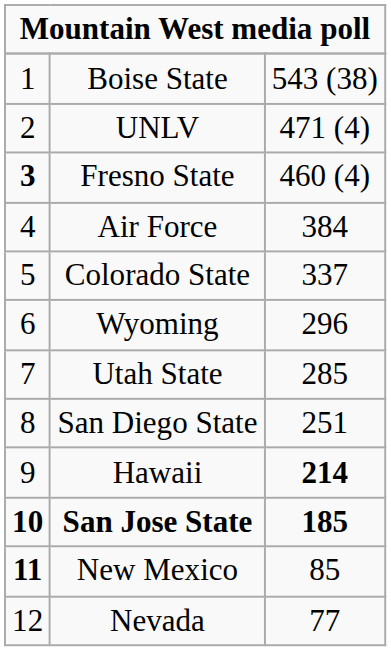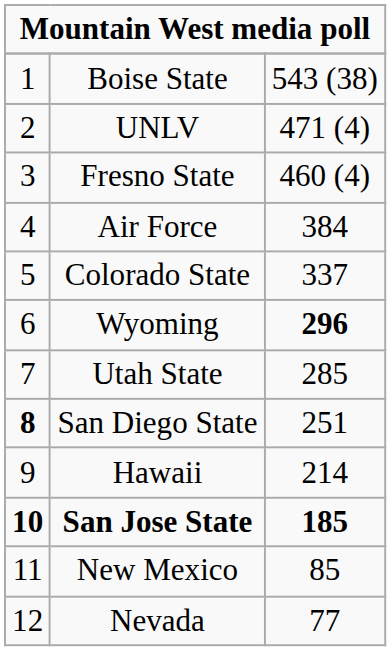 <table class="wikitable" style="display: inline-table;">
 <tr>
 <td align="center" Colspan="3"><strong>Mountain West media poll</strong></td>
 </tr>
 <tr align="center">
 </tr>
 <tr align="center">
 <td>1</td>
 <td>Boise State</td>
 <td>543 (38)</td>
 </tr>
 <tr align="center">
 <td>2</td>
 <td>UNLV</td>
 <td>471 (4)</td>
 </tr>
 <tr align="center">
-<td><strong>3</strong></td>
+<td>3</td>
 <td>Fresno State</td>
 <td>460 (4)</td>
 </tr>
 <tr align="center">
 <td>4</td>
 <td>Air Force</td>
 <td>384</td>
 </tr>
 <tr align="center">
 <td>5</td>
 <td>Colorado State</td>
 <td>337</td>
 </tr>
 <tr align="center">
 <td>6</td>
 <td>Wyoming</td>
-<td>296</td>
+<td><strong>296</strong></td>
 </tr>
 <tr align="center">
 <td>7</td>
 <td>Utah State</td>
 <td>285</td>
 </tr>
 <tr align="center">
-<td>8</td>
+<td><strong>8</strong></td>
 <td>San Diego State</td>
 <td>251</td>
 </tr>
 <tr align="center">
 <td>9</td>
 <td>Hawaii</td>
-<td><strong>214</strong></td>
+<td>214</td>
 </tr>
 <tr align="center">
 <td><strong>10</strong></td>
 <td><strong>San Jose State</strong></td>
 <td><strong>185</strong></td>
 </tr>
 <tr align="center">
-<td><strong>11</strong></td>
+<td>11</td>
 <td>New Mexico</td>
 <td>85</td>
 </tr>
 <tr align="center">
 <td>12</td>
 <td>Nevada</td>
 <td>77</td>
 </tr>
 </table>
